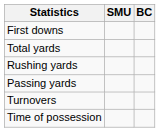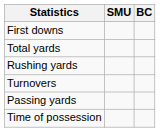 <table class="wikitable" style="float:left">
 <tr>
 <th>Statistics</th>
 <th>SMU</th>
 <th>BC</th>
 </tr>
 <tr>
 <td>First downs</td>
 <td></td>
 <td></td>
 </tr>
 <tr>
 <td>Total yards</td>
 <td></td>
 <td></td>
 </tr>
 <tr>
 <td>Rushing yards</td>
 <td></td>
 <td></td>
 </tr>
 <tr>
-<td>Passing yards</td>
+<td>Turnovers</td>
 <td></td>
 <td></td>
 </tr>
 <tr>
-<td>Turnovers</td>
+<td>Passing yards</td>
 <td></td>
 <td></td>
 </tr>
 <tr>
 <td>Time of possession</td>
 <td></td>
 <td></td>
 </tr>
 </table>
